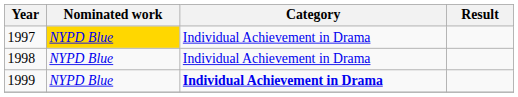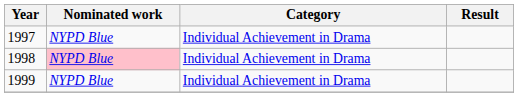 <table width="95%" class="wikitable sortable">
 <tr>
 <th width="5%">Year</th>
 <th width="20%">Nominated work</th>
 <th width="40%">Category</th>
 <th width="10%">Result</th>
 </tr>
 <tr>
 <td>1997</td>
-<td style="background: gold;"><em><a href='#'>NYPD Blue</a></em></td>
+<td><em><a href='#'>NYPD Blue</a></em></td>
 <td><a href='#'>Individual Achievement in Drama</a></td>
 <td></td>
 </tr>
 <tr>
 <td>1998</td>
-<td><em><a href='#'>NYPD Blue</a></em></td>
+<td style="background: pink;"><em><a href='#'>NYPD Blue</a></em></td>
 <td><a href='#'>Individual Achievement in Drama</a></td>
 <td></td>
 </tr>
 <tr>
 <td>1999</td>
 <td><em><a href='#'>NYPD Blue</a></em></td>
-<td><strong><a href='#'>Individual Achievement in Drama</a></strong></td>
+<td><a href='#'>Individual Achievement in Drama</a></td>
 <td></td>
 </tr>
 <tr>
 </tr>
 </table>
